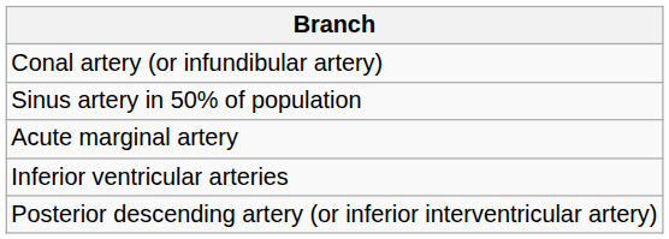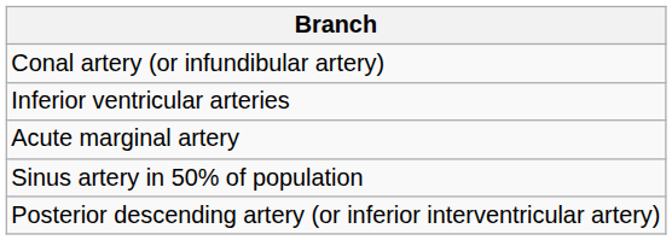 <table class="wikitable" style="float:right;margin-left:10px">
 <tr>
 <th>Branch</th>
 </tr>
 <tr>
 <td>Conal artery (or infundibular artery)</td>
 </tr>
 <tr>
-<td>Sinus artery in 50% of population</td>
+<td>Inferior ventricular arteries</td>
 </tr>
 <tr>
 <td>Acute marginal artery</td>
 </tr>
 <tr>
-<td>Inferior ventricular arteries</td>
+<td>Sinus artery in 50% of population</td>
 </tr>
 <tr>
 <td>Posterior descending artery (or inferior interventricular artery)</td>
 </tr>
 </table>
